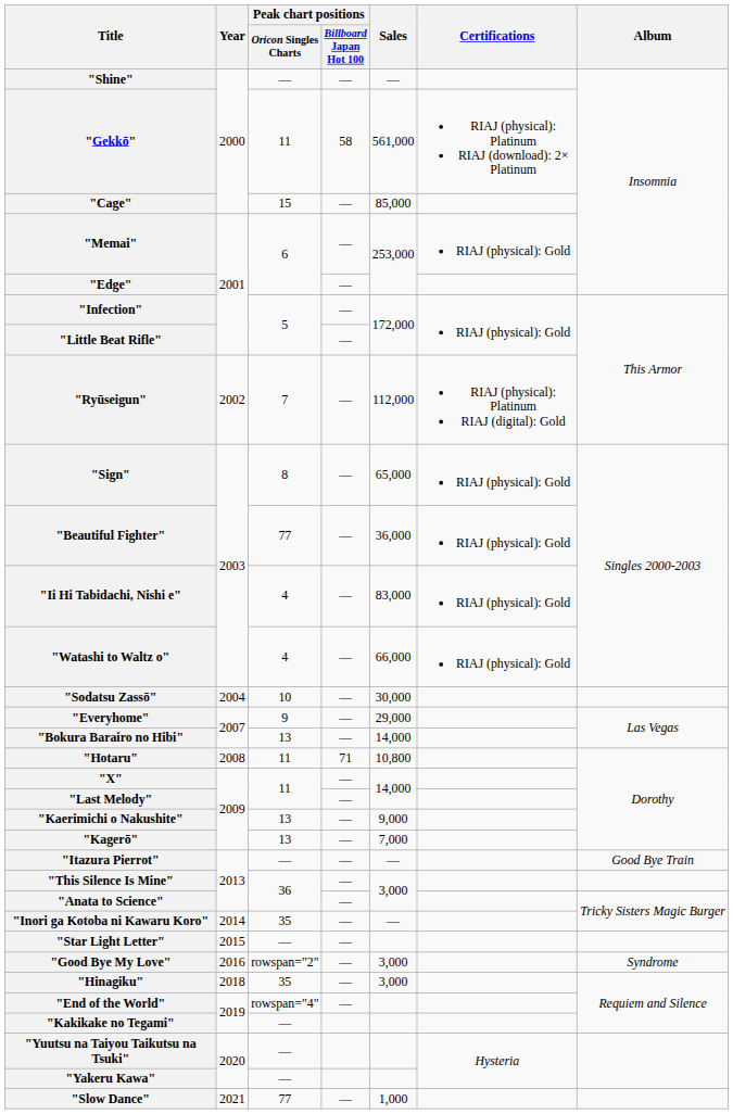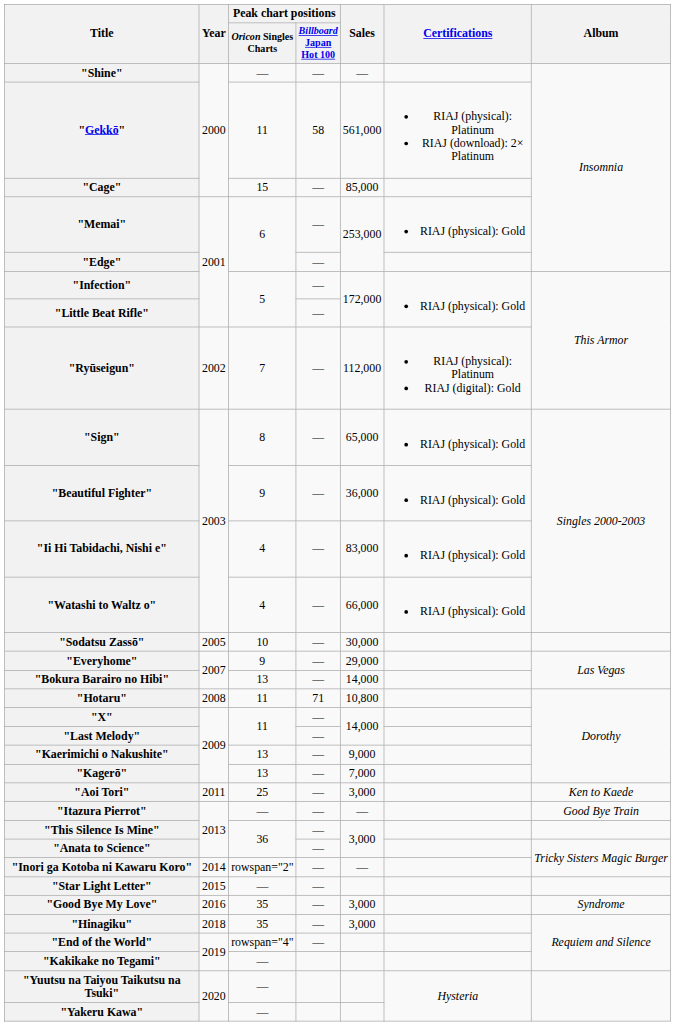 <table class="wikitable plainrowheaders" style="text-align:center;">
 <tr>
 <th scope="col" rowspan="2" style="width:16em;">Title</th>
 <th scope="col" rowspan="2">Year</th>
 <th scope="col" colspan="2">Peak chart positions</th>
 <th scope="col" rowspan="2">Sales</th>
 <th scope="col" rowspan="2" style="width:12em;"><a href='#'>Certifications</a></th>
 <th scope="col" rowspan="2">Album</th>
 </tr>
 <tr>
 <th style="width:3em;font-size:85%"><em>Oricon</em> Singles Charts<br></th>
 <th style="width:3em;font-size:85%"><em><a href='#'>Billboard</a></em> <a href='#'>Japan Hot 100</a><br></th>
 </tr>
 <tr>
 <th scope="row">"Shine"</th>
 <td rowspan="3">2000</td>
 <td>—</td>
 <td>—</td>
 <td>—</td>
 <td></td>
 <td rowspan=5><em>Insomnia</em></td>
 </tr>
 <tr>
 <th scope="row">"<a href='#'>Gekkō</a>"</th>
 <td>11</td>
 <td>58</td>
 <td>561,000</td>
 <td><br><ul><li>RIAJ <span>(physical)</span>: Platinum</li><li>RIAJ <span>(download)</span>: 2× Platinum</li></ul></td>
 </tr>
 <tr>
 <th scope="row">"Cage"</th>
 <td>15</td>
 <td>—</td>
 <td>85,000</td>
 <td></td>
 </tr>
 <tr>
 <th scope="row">"Memai"</th>
 <td rowspan="4">2001</td>
 <td rowspan="2">6</td>
 <td>—</td>
 <td rowspan="2">253,000</td>
 <td><br><ul><li>RIAJ <span>(physical)</span>: Gold</li></ul></td>
 </tr>
 <tr>
 <th scope="row">"Edge"</th>
 <td>—</td>
 <td></td>
 </tr>
 <tr>
 <th scope="row">"Infection"</th>
 <td rowspan="2">5</td>
 <td>—</td>
 <td rowspan="2">172,000</td>
 <td rowspan="2"><br><ul><li>RIAJ <span>(physical)</span>: Gold</li></ul></td>
 <td rowspan=3><em>This Armor</em></td>
 </tr>
 <tr>
 <th scope="row">"Little Beat Rifle"</th>
 <td>—</td>
 </tr>
 <tr>
 <th scope="row">"Ryūseigun"</th>
 <td rowspan="1">2002</td>
 <td>7</td>
 <td>—</td>
 <td>112,000</td>
 <td><br><ul><li>RIAJ <span>(physical)</span>: Platinum</li><li>RIAJ <span>(digital)</span>: Gold</li></ul></td>
 </tr>
 <tr>
 <th scope="row">"Sign"</th>
 <td rowspan="4">2003</td>
 <td>8</td>
 <td>—</td>
 <td>65,000</td>
 <td><br><ul><li>RIAJ <span>(physical)</span>: Gold</li></ul></td>
 <td rowspan="4"><em>Singles 2000-2003</em></td>
 </tr>
 <tr>
 <th scope="row">"Beautiful Fighter"</th>
-<td>77</td>
+<td>9</td>
 <td>—</td>
 <td>36,000</td>
 <td><br><ul><li>RIAJ <span>(physical)</span>: Gold</li></ul></td>
 </tr>
 <tr>
 <th scope="row">"Ii Hi Tabidachi, Nishi e"</th>
 <td>4</td>
 <td>—</td>
 <td>83,000</td>
 <td><br><ul><li>RIAJ <span>(physical)</span>: Gold</li></ul></td>
 </tr>
 <tr>
 <th scope="row">"Watashi to Waltz o"</th>
 <td>4</td>
 <td>—</td>
 <td>66,000</td>
 <td><br><ul><li>RIAJ <span>(physical)</span>: Gold</li></ul></td>
 </tr>
 <tr>
 <th scope="row">"Sodatsu Zassō"</th>
-<td rowspan="1">2004</td>
+<td rowspan="1">2005</td>
 <td>10</td>
 <td>—</td>
 <td>30,000</td>
 <td></td>
 <td></td>
 </tr>
 <tr>
 <th scope="row">"Everyhome"</th>
 <td rowspan="2">2007</td>
 <td>9</td>
 <td>—</td>
 <td>29,000</td>
 <td></td>
 <td rowspan="2"><em>Las Vegas</em></td>
 </tr>
 <tr>
 <th scope="row">"Bokura Barairo no Hibi"</th>
 <td>13</td>
 <td>—</td>
 <td>14,000</td>
 <td></td>
 </tr>
 <tr>
 <th scope="row">"Hotaru"</th>
 <td rowspan="1">2008</td>
 <td>11</td>
 <td>71</td>
 <td>10,800</td>
 <td></td>
 <td rowspan="5"><em>Dorothy</em></td>
 </tr>
 <tr>
 <th scope="row">"X"</th>
 <td rowspan="4">2009</td>
 <td rowspan="2">11</td>
 <td>—</td>
 <td rowspan="2">14,000</td>
 <td></td>
 </tr>
 <tr>
 <th scope="row">"Last Melody"</th>
 <td>—</td>
 <td></td>
 </tr>
 <tr>
 <th scope="row">"Kaerimichi o Nakushite"</th>
 <td>13</td>
 <td>—</td>
 <td>9,000</td>
 <td></td>
 </tr>
 <tr>
 <th scope="row">"Kagerō"</th>
 <td>13</td>
 <td>—</td>
 <td>7,000</td>
 <td></td>
 </tr>
 <tr>
+<th scope="row">"Aoi Tori"</th>
+<td rowspan="1">2011</td>
+<td>25</td>
+<td>—</td>
+<td>3,000</td>
+<td></td>
+<td rowspan="1"><em>Ken to Kaede</em></td>
+</tr>
+<tr>
 <th scope="row">"Itazura Pierrot"</th>
 <td rowspan="3">2013</td>
 <td>—</td>
 <td>—</td>
 <td>—</td>
 <td></td>
 <td><em>Good Bye Train</em></td>
 </tr>
 <tr>
 <th scope="row">"This Silence Is Mine"</th>
 <td rowspan="2">36</td>
 <td>—</td>
 <td rowspan="2">3,000</td>
 <td></td>
 <td></td>
 </tr>
 <tr>
 <th scope="row">"Anata to Science"</th>
 <td>—</td>
 <td></td>
 <td rowspan="2"><em>Tricky Sisters Magic Burger</em></td>
 </tr>
 <tr>
 <th scope="row">"Inori ga Kotoba ni Kawaru Koro"</th>
 <td rowspan="1">2014</td>
-<td>35</td>
+<td>rowspan="2" </td>
 <td>—</td>
 <td>—</td>
 <td></td>
 </tr>
 <tr>
 <th scope="row">"Star Light Letter"</th>
 <td>2015</td>
 <td>—</td>
 <td>—</td>
 <td></td>
 <td></td>
 </tr>
 <tr>
 <th scope="row">"Good Bye My Love"</th>
 <td>2016</td>
-<td>rowspan="2" </td>
+<td>35</td>
 <td>—</td>
 <td>3,000</td>
 <td></td>
 <td><em>Syndrome</em></td>
 </tr>
 <tr>
 <th scope="row">"Hinagiku"</th>
 <td>2018</td>
 <td>35</td>
 <td>—</td>
 <td>3,000</td>
 <td></td>
 <td rowspan="3"><em>Requiem and Silence</em></td>
 </tr>
 <tr>
 <th scope="row">"End of the World"</th>
 <td rowspan="2">2019</td>
 <td>rowspan="4" </td>
 <td>—</td>
 <td></td>
 <td></td>
 </tr>
 <tr>
 <th scope="row">"Kakikake no Tegami"</th>
 <td>—</td>
 <td></td>
 <td></td>
 </tr>
 <tr>
 <th scope="row">"Yuutsu na Taiyou Taikutsu na Tsuki"</th>
 <td rowspan="2">2020</td>
 <td>—</td>
 <td></td>
 <td></td>
 <td rowspan="2"><em>Hysteria</em></td>
 </tr>
 <tr>
 <th scope="row">"Yakeru Kawa"</th>
 <td>—</td>
 <td></td>
 <td></td>
 </tr>
-<tr>
-<th scope="row">"Slow Dance"</th>
-<td>2021</td>
-<td>77</td>
-<td>—</td>
-<td>1,000</td>
-<td></td>
-<td></td>
-</tr>
 </table>
